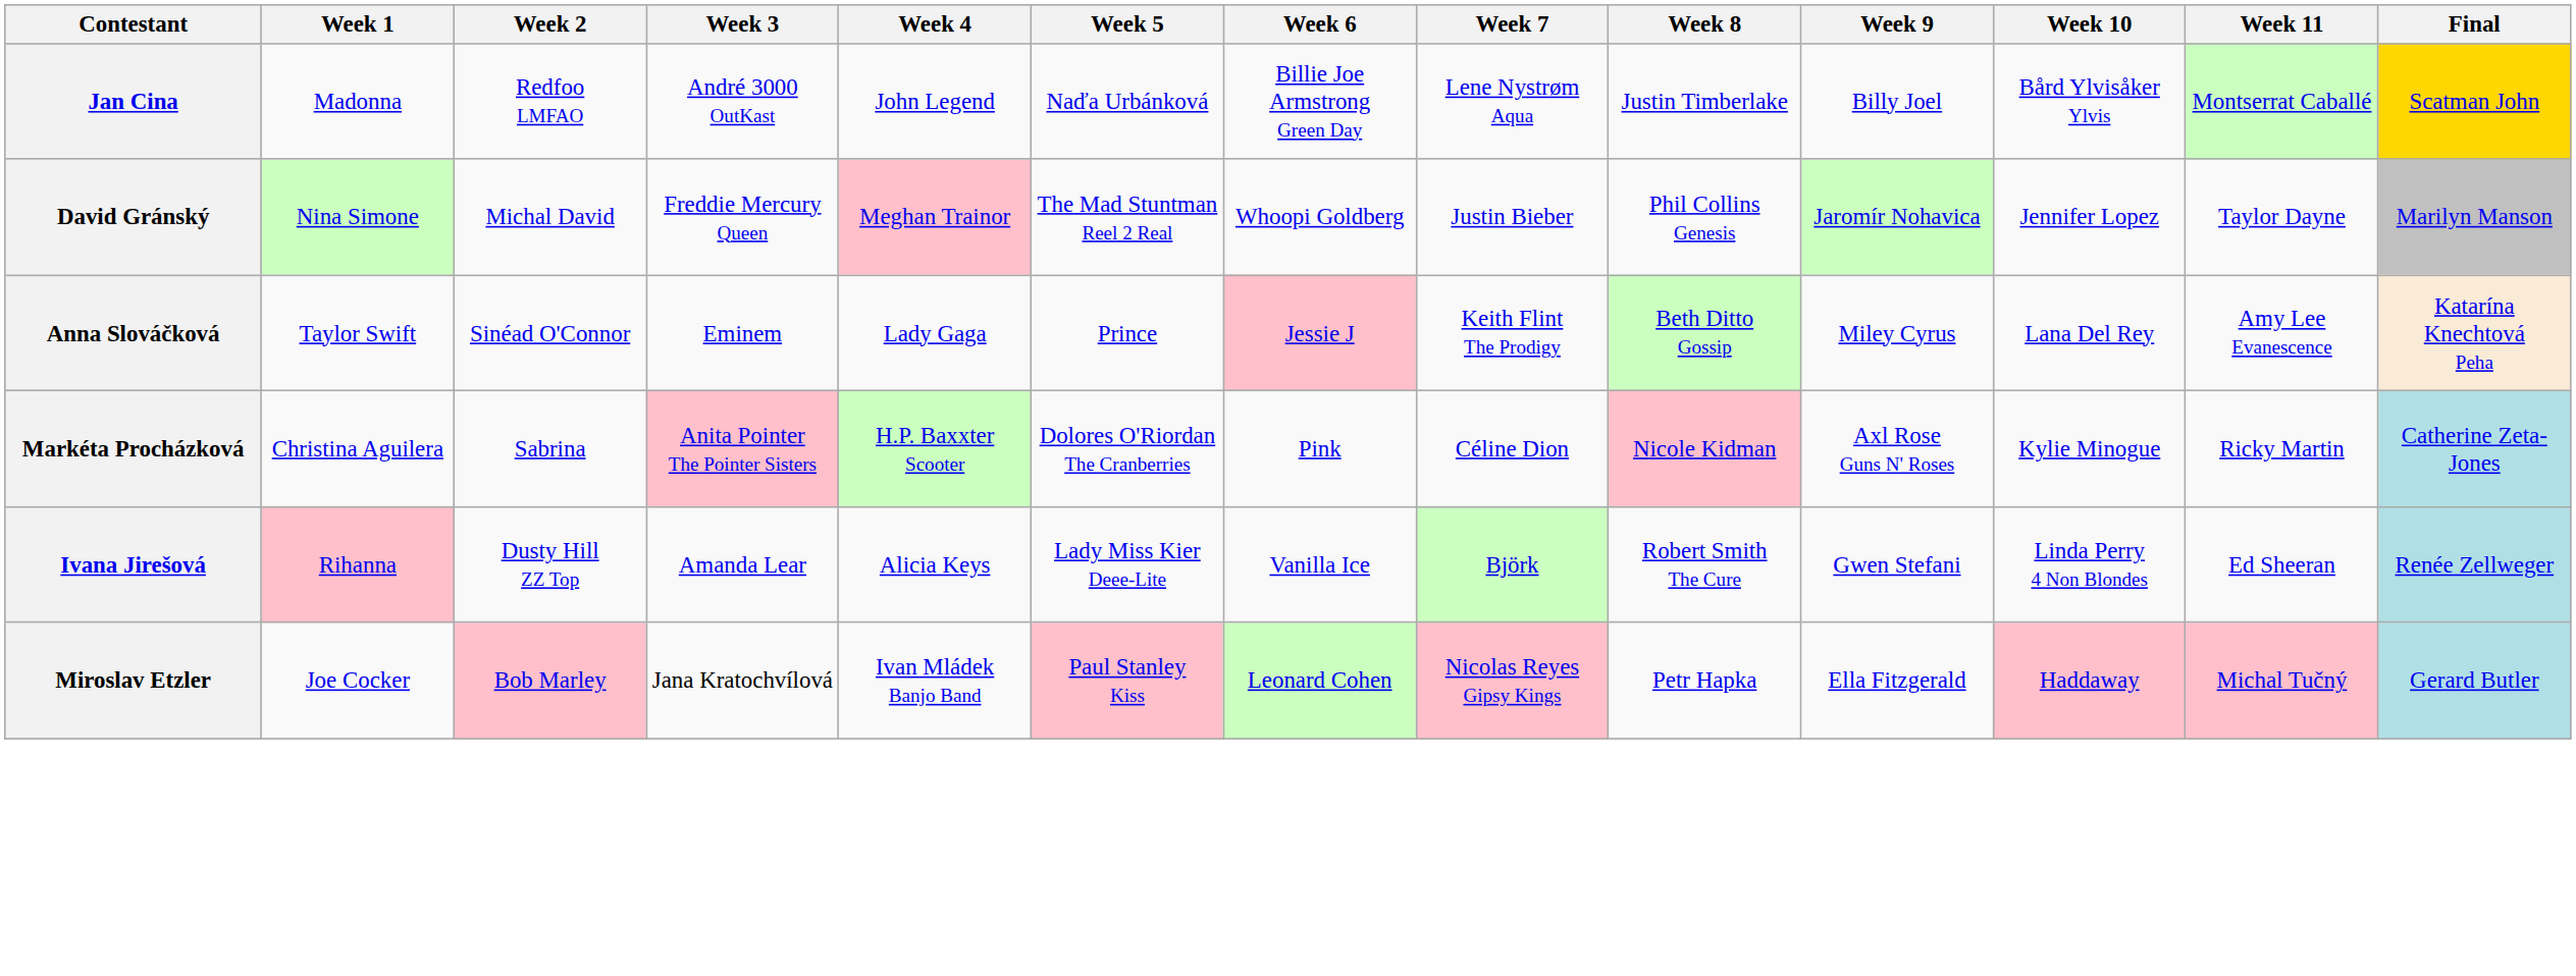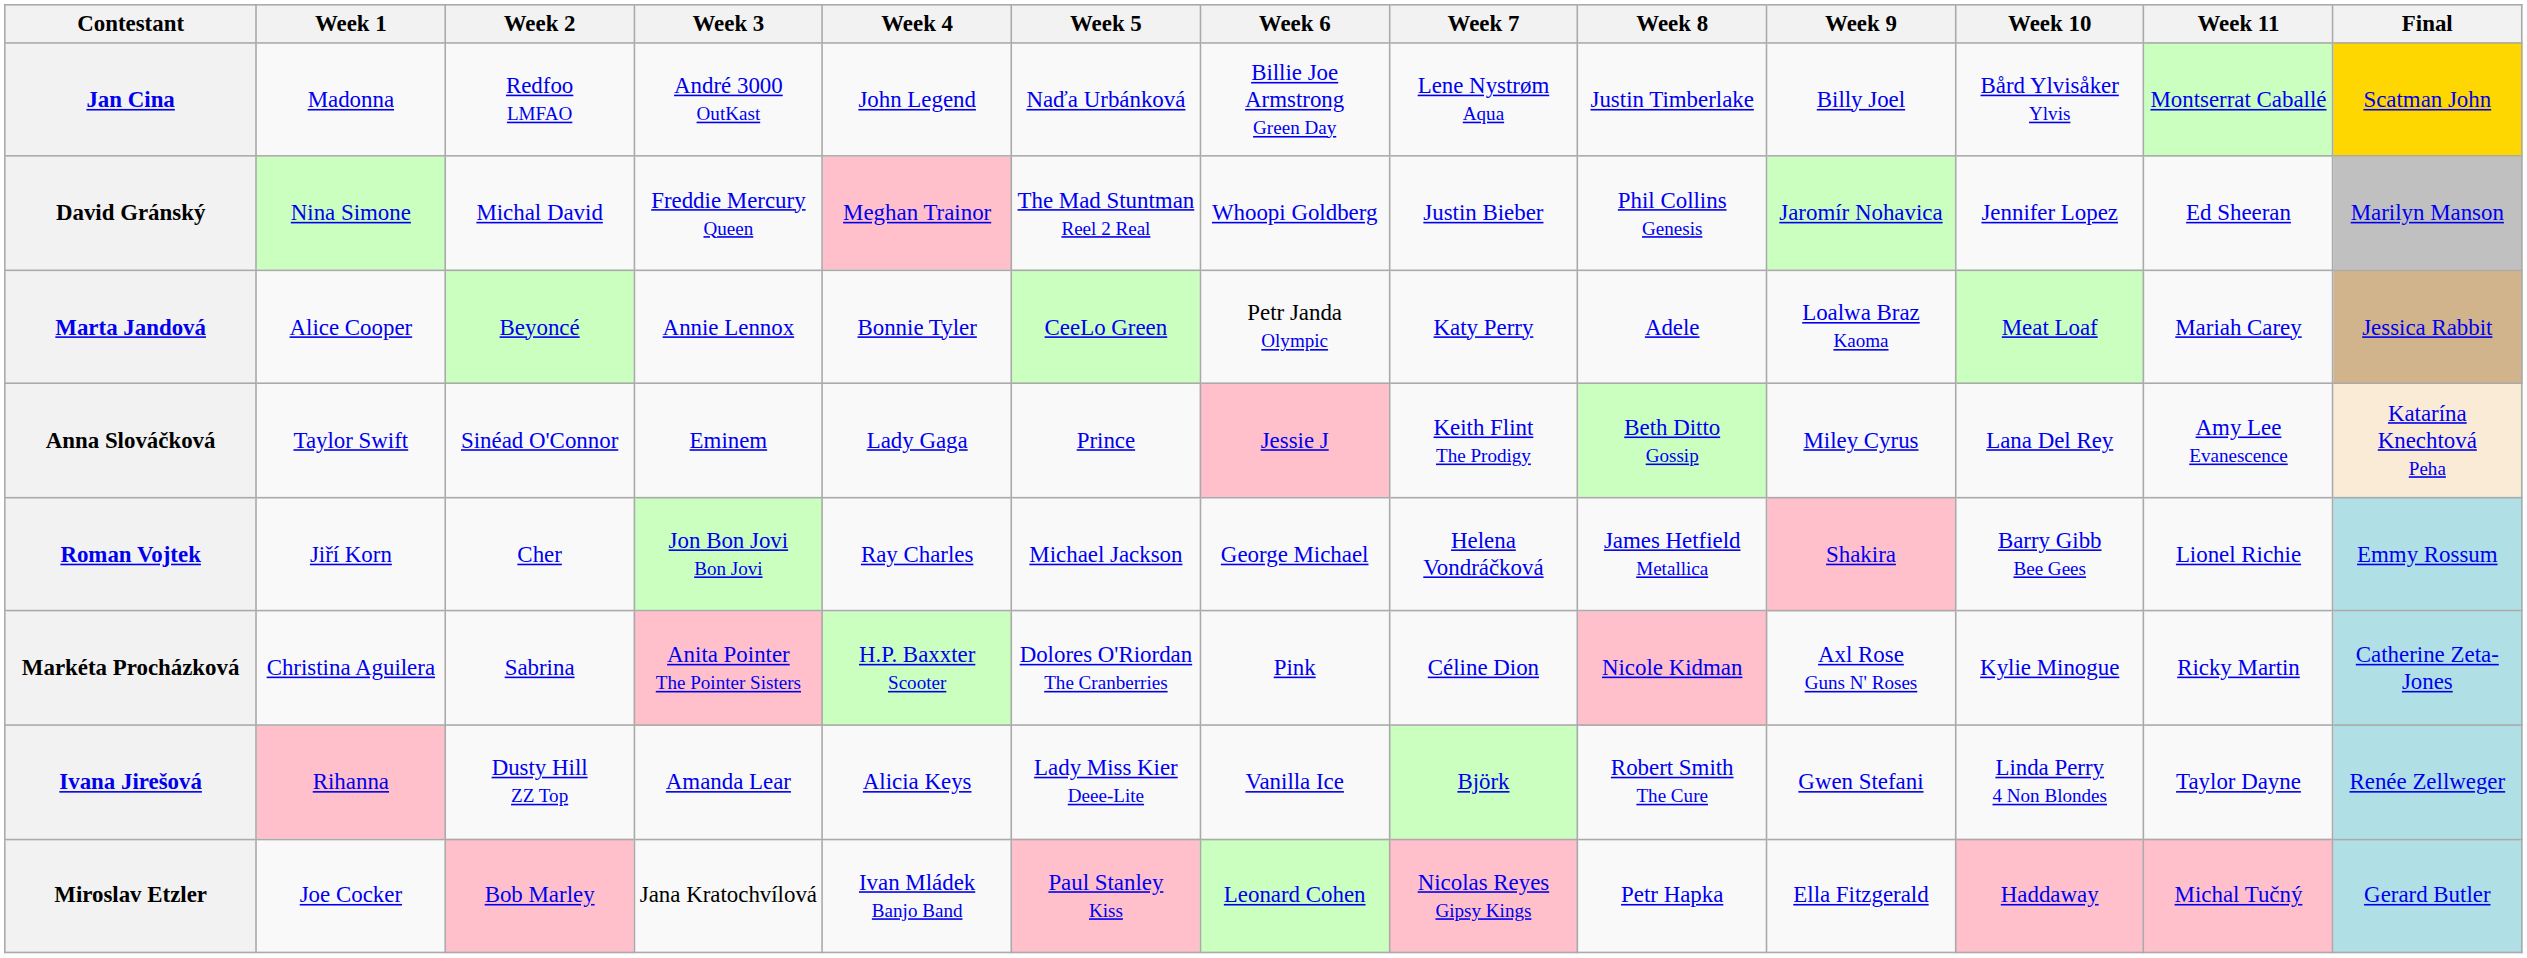 <table class="wikitable" style="font-size:90%; text-align:center; margin-left: auto; margin-right: auto">
 <tr>
 <th style="width: 10%;">Contestant</th>
 <th style="width: 7.5%;">Week 1</th>
 <th style="width: 7.5%;">Week 2</th>
 <th style="width: 7.5%;">Week 3</th>
 <th style="width: 7.5%;">Week 4</th>
 <th style="width: 7.5%;">Week 5</th>
 <th style="width: 7.5%;">Week 6</th>
 <th style="width: 7.5%;">Week 7</th>
 <th style="width: 7.5%;">Week 8</th>
 <th style="width: 7.5%;">Week 9</th>
 <th style="width: 7.5%;">Week 10</th>
 <th style="width: 7.5%;">Week 11</th>
 <th style="width: 7.5%;">Final</th>
 </tr>
 <tr>
 <th style=height:4.5em><a href='#'>Jan Cina</a></th>
 <td><a href='#'>Madonna</a></td>
 <td><a href='#'>Redfoo</a> <br><small><a href='#'>LMFAO</a></small></td>
 <td><a href='#'>André 3000</a> <br><small><a href='#'>OutKast</a></small></td>
 <td><a href='#'>John Legend</a></td>
 <td><a href='#'>Naďa Urbánková</a></td>
 <td><a href='#'>Billie Joe Armstrong</a> <br><small><a href='#'>Green Day</a></small></td>
 <td><a href='#'>Lene Nystrøm</a> <br><small><a href='#'>Aqua</a></small></td>
 <td><a href='#'>Justin Timberlake</a></td>
 <td><a href='#'>Billy Joel</a></td>
 <td><a href='#'>Bård Ylvisåker</a> <br><small><a href='#'>Ylvis</a></small></td>
 <td style="background:#cbffc0"><a href='#'>Montserrat Caballé</a></td>
 <td style="background:gold;"><a href='#'>Scatman John</a></td>
 </tr>
 <tr>
 <th style=height:4.5em>David Gránský</th>
 <td style="background:#cbffc0"><a href='#'>Nina Simone</a></td>
 <td><a href='#'>Michal David</a></td>
 <td><a href='#'>Freddie Mercury</a> <br><small><a href='#'>Queen</a></small></td>
 <td style="background:pink"><a href='#'>Meghan Trainor</a></td>
 <td><a href='#'>The Mad Stuntman</a> <br><small><a href='#'>Reel 2 Real</a></small></td>
 <td><a href='#'>Whoopi Goldberg</a></td>
 <td><a href='#'>Justin Bieber</a></td>
 <td><a href='#'>Phil Collins</a> <br><small><a href='#'>Genesis</a></small></td>
 <td style="background:#cbffc0"><a href='#'>Jaromír Nohavica</a></td>
 <td><a href='#'>Jennifer Lopez</a></td>
-<td><a href='#'>Taylor Dayne</a></td>
+<td><a href='#'>Ed Sheeran</a></td>
 <td style="background:silver;"><a href='#'>Marilyn Manson</a></td>
+</tr>
+<tr>
+<th style=height:4.5em><a href='#'>Marta Jandová</a></th>
+<td><a href='#'>Alice Cooper</a></td>
+<td style="background:#cbffc0"><a href='#'>Beyoncé</a></td>
+<td><a href='#'>Annie Lennox</a></td>
+<td><a href='#'>Bonnie Tyler</a></td>
+<td style="background:#cbffc0"><a href='#'>CeeLo Green</a></td>
+<td>Petr Janda <br><small><a href='#'>Olympic</a></small></td>
+<td><a href='#'>Katy Perry</a></td>
+<td><a href='#'>Adele</a></td>
+<td><a href='#'>Loalwa Braz</a> <br><small><a href='#'>Kaoma</a></small></td>
+<td style="background:#cbffc0"><a href='#'>Meat Loaf</a></td>
+<td><a href='#'>Mariah Carey</a></td>
+<td style="background:tan"><a href='#'>Jessica Rabbit</a></td>
 </tr>
 <tr>
 <th style=height:4.5em>Anna Slováčková</th>
 <td><a href='#'>Taylor Swift</a></td>
 <td><a href='#'>Sinéad O'Connor</a></td>
 <td><a href='#'>Eminem</a></td>
 <td><a href='#'>Lady Gaga</a></td>
 <td><a href='#'>Prince</a></td>
 <td style="background:pink"><a href='#'>Jessie J</a></td>
 <td><a href='#'>Keith Flint</a> <br><small><a href='#'>The Prodigy</a></small></td>
 <td style="background:#cbffc0"><a href='#'>Beth Ditto</a> <br><small><a href='#'>Gossip</a></small></td>
 <td><a href='#'>Miley Cyrus</a></td>
 <td><a href='#'>Lana Del Rey</a></td>
 <td><a href='#'>Amy Lee</a> <br><small><a href='#'>Evanescence</a></small></td>
 <td style="background:antiquewhite"><a href='#'>Katarína Knechtová</a> <br><small><a href='#'>Peha</a></small></td>
+</tr>
+<tr>
+<th style=height:4.5em><a href='#'>Roman Vojtek</a></th>
+<td><a href='#'>Jiří Korn</a></td>
+<td><a href='#'>Cher</a></td>
+<td style="background:#cbffc0"><a href='#'>Jon Bon Jovi</a> <br><small><a href='#'>Bon Jovi</a></small></td>
+<td><a href='#'>Ray Charles</a></td>
+<td><a href='#'>Michael Jackson</a></td>
+<td><a href='#'>George Michael</a></td>
+<td><a href='#'>Helena Vondráčková</a></td>
+<td><a href='#'>James Hetfield</a> <br><small><a href='#'>Metallica</a></small></td>
+<td style="background:pink"><a href='#'>Shakira</a></td>
+<td><a href='#'>Barry Gibb</a> <br><small><a href='#'>Bee Gees</a></small></td>
+<td><a href='#'>Lionel Richie</a></td>
+<td style="background:#b0e0e6"><a href='#'>Emmy Rossum</a></td>
 </tr>
 <tr>
 <th style=height:4.5em>Markéta Procházková</th>
 <td><a href='#'>Christina Aguilera</a></td>
 <td><a href='#'>Sabrina</a></td>
 <td style="background:pink"><a href='#'>Anita Pointer</a> <br><small><a href='#'>The Pointer Sisters</a></small></td>
 <td style="background:#cbffc0"><a href='#'>H.P. Baxxter</a> <br><small><a href='#'>Scooter</a></small></td>
 <td><a href='#'>Dolores O'Riordan</a> <br><small><a href='#'>The Cranberries</a></small></td>
 <td><a href='#'>Pink</a></td>
 <td><a href='#'>Céline Dion</a></td>
 <td style="background:pink"><a href='#'>Nicole Kidman</a></td>
 <td><a href='#'>Axl Rose</a> <br><small><a href='#'>Guns N' Roses</a></small></td>
 <td><a href='#'>Kylie Minogue</a></td>
 <td><a href='#'>Ricky Martin</a></td>
 <td style="background:#b0e0e6"><a href='#'>Catherine Zeta-Jones</a></td>
 </tr>
 <tr>
 <th style=height:4.5em><a href='#'>Ivana Jirešová</a></th>
 <td style="background:pink"><a href='#'>Rihanna</a></td>
 <td><a href='#'>Dusty Hill</a> <br><small><a href='#'>ZZ Top</a></small></td>
 <td><a href='#'>Amanda Lear</a></td>
 <td><a href='#'>Alicia Keys</a></td>
 <td><a href='#'>Lady Miss Kier</a> <br><small><a href='#'>Deee-Lite</a></small></td>
 <td><a href='#'>Vanilla Ice</a></td>
 <td style="background:#cbffc0"><a href='#'>Björk</a></td>
 <td><a href='#'>Robert Smith</a> <br><small><a href='#'>The Cure</a></small></td>
 <td><a href='#'>Gwen Stefani</a></td>
 <td><a href='#'>Linda Perry</a> <br><small><a href='#'>4 Non Blondes</a></small></td>
-<td><a href='#'>Ed Sheeran</a></td>
+<td><a href='#'>Taylor Dayne</a></td>
 <td style="background:#b0e0e6"><a href='#'>Renée Zellweger</a></td>
 </tr>
 <tr>
 <th style=height:4.5em>Miroslav Etzler</th>
 <td><a href='#'>Joe Cocker</a></td>
 <td style="background:pink"><a href='#'>Bob Marley</a></td>
 <td>Jana Kratochvílová</td>
 <td><a href='#'>Ivan Mládek</a> <br><small><a href='#'>Banjo Band</a></small></td>
 <td style="background:pink"><a href='#'>Paul Stanley</a> <br><small><a href='#'>Kiss</a></small></td>
 <td style="background:#cbffc0"><a href='#'>Leonard Cohen</a></td>
 <td style="background:pink"><a href='#'>Nicolas Reyes</a> <br><small><a href='#'>Gipsy Kings</a></small></td>
 <td><a href='#'>Petr Hapka</a></td>
 <td><a href='#'>Ella Fitzgerald</a></td>
 <td style="background:pink"><a href='#'>Haddaway</a></td>
 <td style="background:pink"><a href='#'>Michal Tučný</a></td>
 <td style="background:#b0e0e6"><a href='#'>Gerard Butler</a></td>
 </tr>
 </table>
